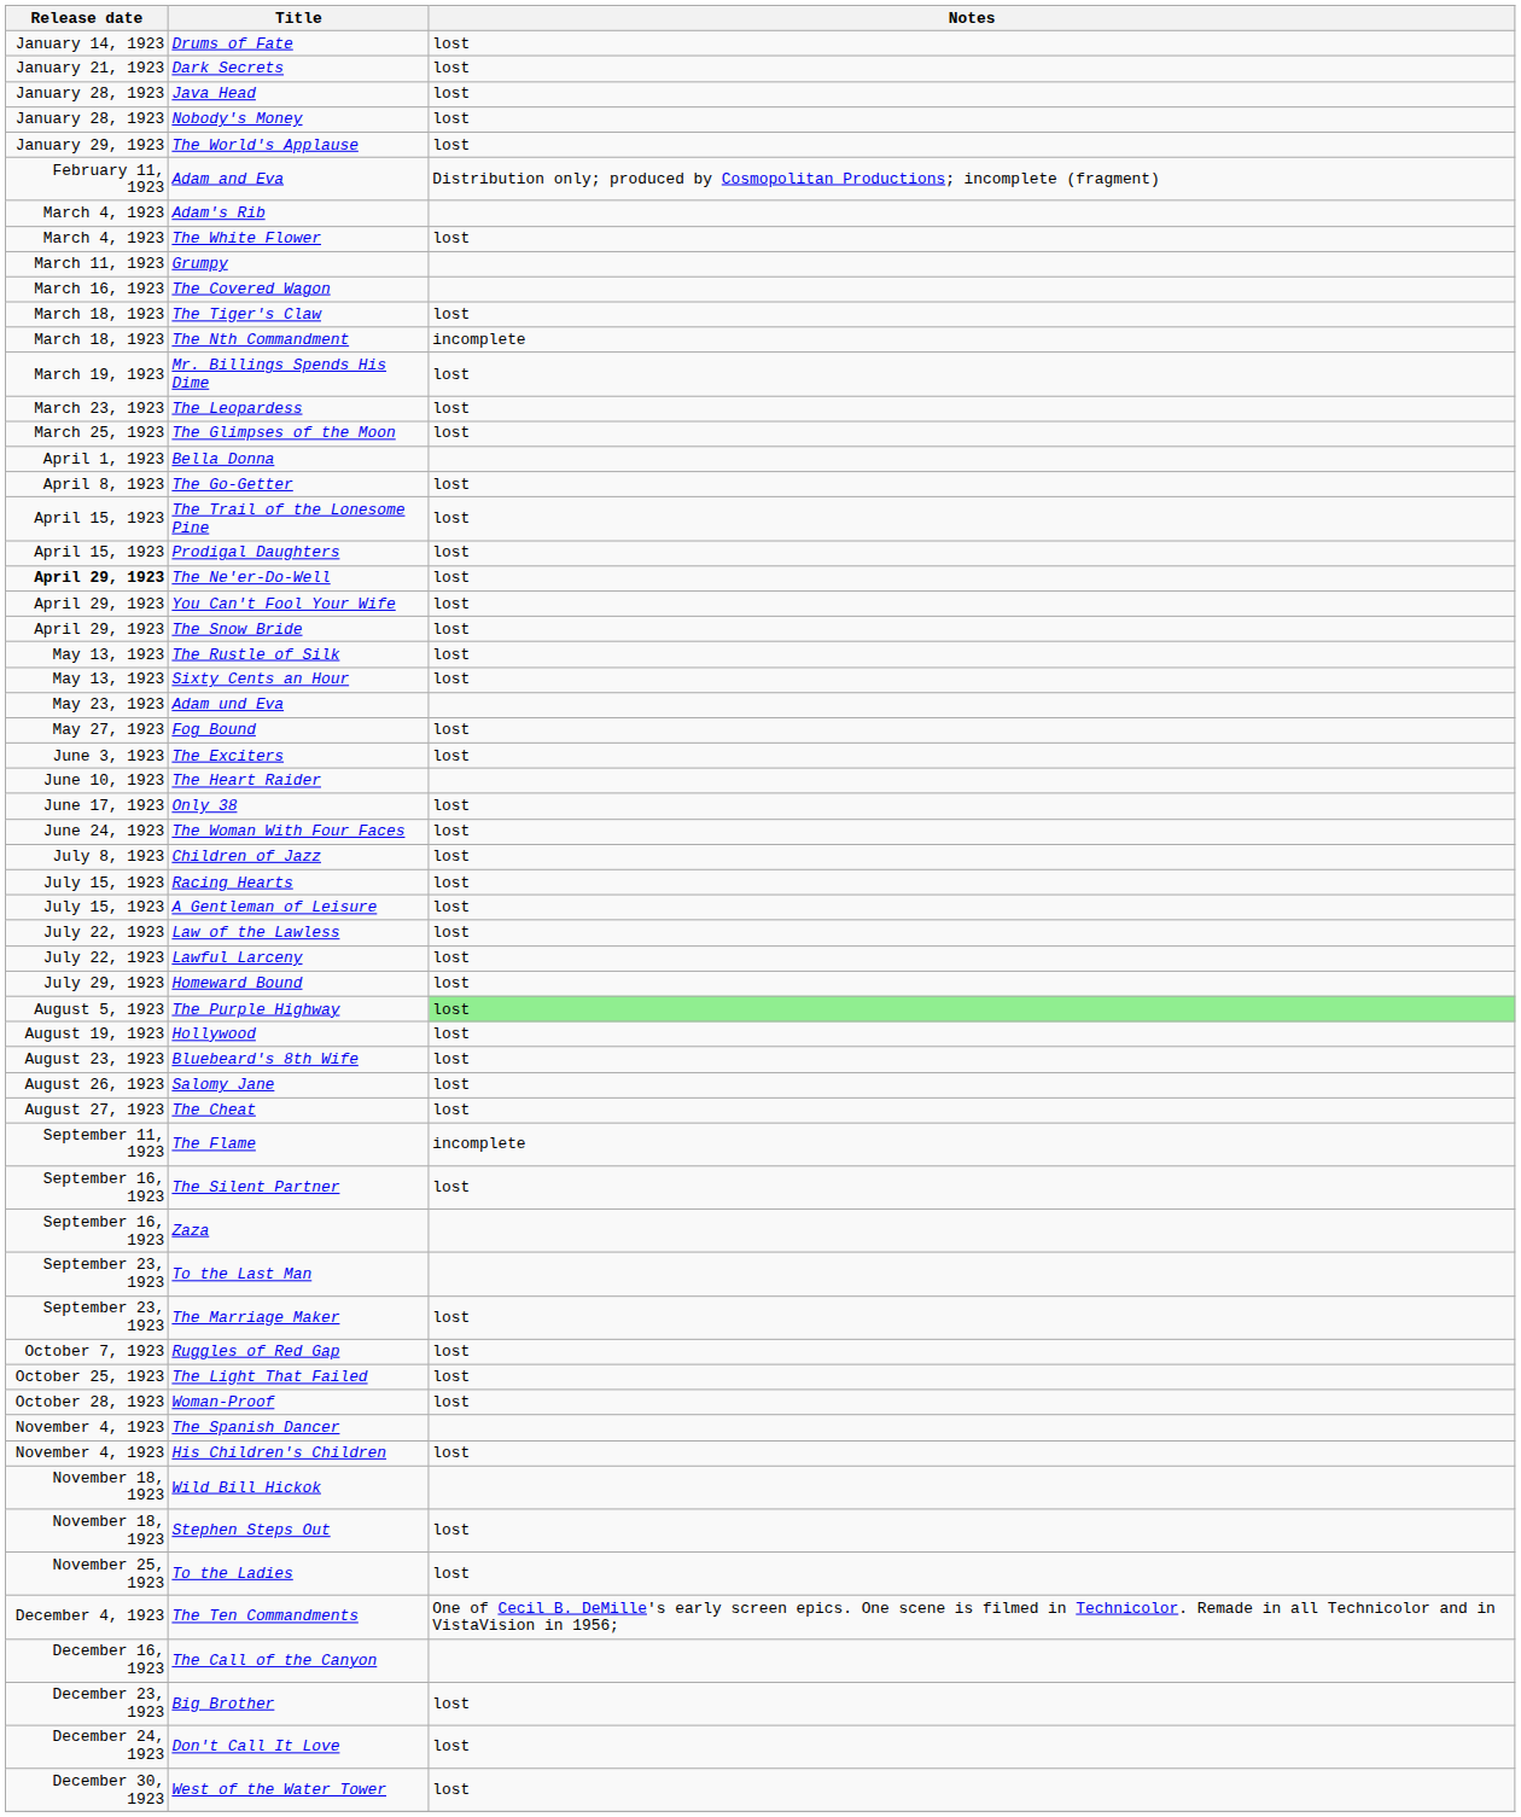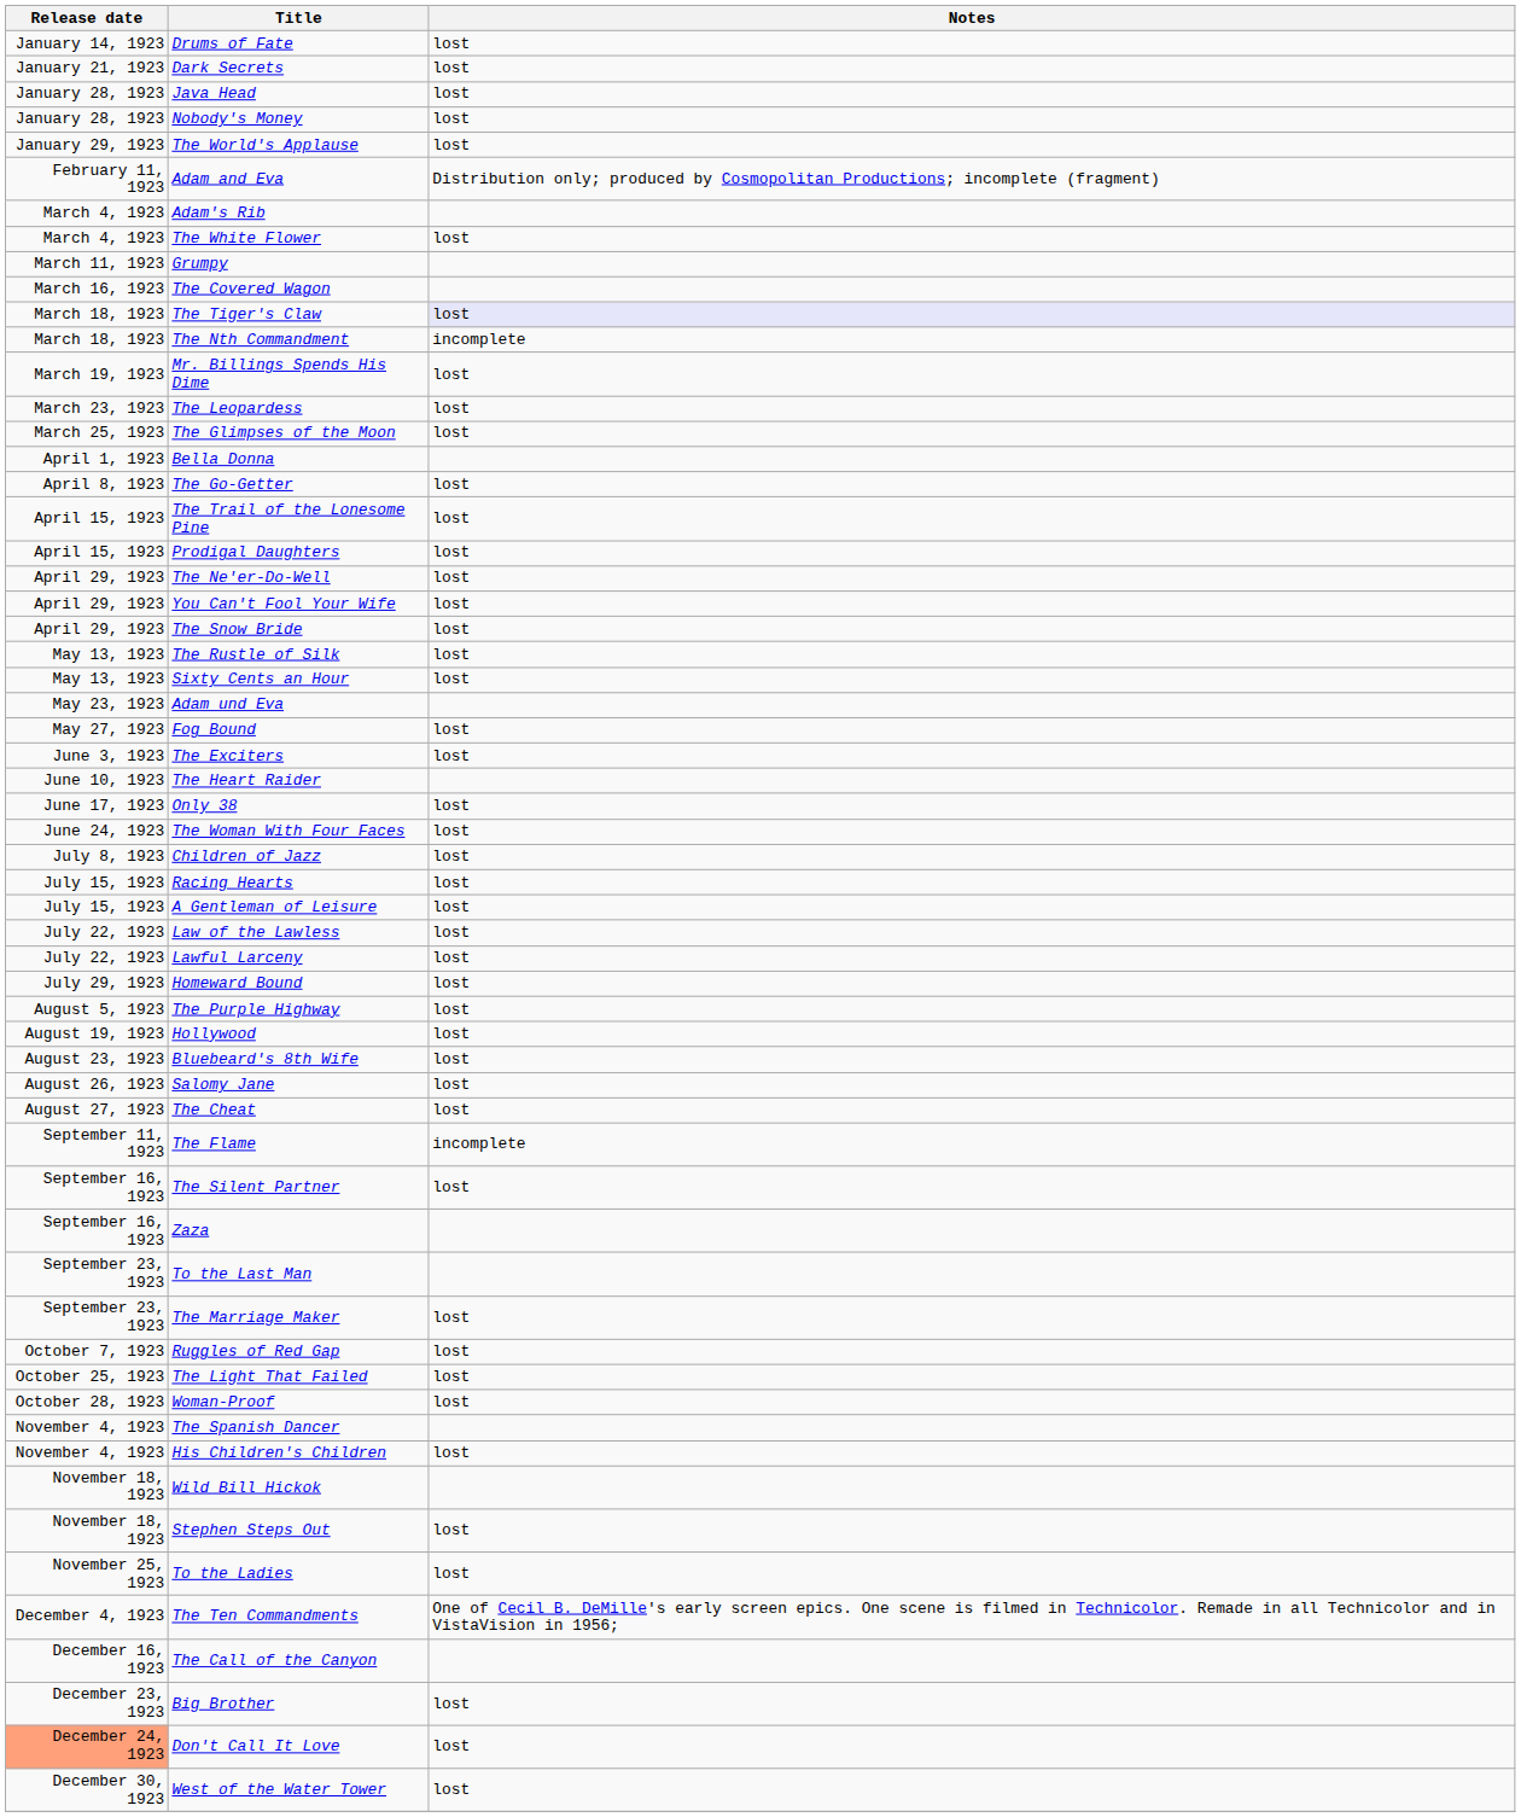 <table class="wikitable sortable" style="width:100%;">
 <tr>
 <th scope="col" style="width:130px;">Release date</th>
 <th>Title</th>
 <th>Notes</th>
 </tr>
 <tr>
 <td style="text-align:right;">January 14, 1923</td>
 <td><em><a href='#'>Drums of Fate</a></em></td>
 <td>lost</td>
 </tr>
 <tr>
 <td style="text-align:right;">January 21, 1923</td>
 <td><em><a href='#'>Dark Secrets</a></em></td>
 <td>lost</td>
 </tr>
 <tr>
 <td style="text-align:right;">January 28, 1923</td>
 <td><em><a href='#'>Java Head</a></em></td>
 <td>lost</td>
 </tr>
 <tr>
 <td style="text-align:right;">January 28, 1923</td>
 <td><em><a href='#'>Nobody's Money</a></em></td>
 <td>lost</td>
 </tr>
 <tr>
 <td style="text-align:right;">January 29, 1923</td>
 <td><em><a href='#'>The World's Applause</a></em></td>
 <td>lost</td>
 </tr>
 <tr>
 <td style="text-align:right;">February 11, 1923</td>
 <td><em><a href='#'>Adam and Eva</a></em></td>
 <td>Distribution only; produced by <a href='#'>Cosmopolitan Productions</a>; incomplete (fragment)</td>
 </tr>
 <tr>
 <td style="text-align:right;">March 4, 1923</td>
 <td><em><a href='#'>Adam's Rib</a></em></td>
 <td></td>
 </tr>
 <tr>
 <td style="text-align:right;">March 4, 1923</td>
 <td><em><a href='#'>The White Flower</a></em></td>
 <td>lost</td>
 </tr>
 <tr>
 <td style="text-align:right;">March 11, 1923</td>
 <td><em><a href='#'>Grumpy</a></em></td>
 <td></td>
 </tr>
 <tr>
 <td style="text-align:right;">March 16, 1923</td>
 <td><em><a href='#'>The Covered Wagon</a></em></td>
 <td></td>
 </tr>
 <tr>
 <td style="text-align:right;">March 18, 1923</td>
 <td><em><a href='#'>The Tiger's Claw</a></em></td>
-<td>lost</td>
+<td style="background: lavender;">lost</td>
 </tr>
 <tr>
 <td style="text-align:right;">March 18, 1923</td>
 <td><em><a href='#'>The Nth Commandment</a></em></td>
 <td>incomplete</td>
 </tr>
 <tr>
 <td style="text-align:right;">March 19, 1923</td>
 <td><em><a href='#'>Mr. Billings Spends His Dime</a></em></td>
 <td>lost</td>
 </tr>
 <tr>
 <td style="text-align:right;">March 23, 1923</td>
 <td><em><a href='#'>The Leopardess</a></em></td>
 <td>lost</td>
 </tr>
 <tr>
 <td style="text-align:right;">March 25, 1923</td>
 <td><em><a href='#'>The Glimpses of the Moon</a></em></td>
 <td>lost</td>
 </tr>
 <tr>
 <td style="text-align:right;">April 1, 1923</td>
 <td><em><a href='#'>Bella Donna</a></em></td>
 <td></td>
 </tr>
 <tr>
 <td style="text-align:right;">April 8, 1923</td>
 <td><em><a href='#'>The Go-Getter</a></em></td>
 <td>lost</td>
 </tr>
 <tr>
 <td style="text-align:right;">April 15, 1923</td>
 <td><em><a href='#'>The Trail of the Lonesome Pine</a></em></td>
 <td>lost</td>
 </tr>
 <tr>
 <td style="text-align:right;">April 15, 1923</td>
 <td><em><a href='#'>Prodigal Daughters</a></em></td>
 <td>lost</td>
 </tr>
 <tr>
-<td style="text-align:right;"><strong>April 29, 1923</strong></td>
+<td style="text-align:right;">April 29, 1923</td>
 <td><em><a href='#'>The Ne'er-Do-Well</a></em></td>
 <td>lost</td>
 </tr>
 <tr>
 <td style="text-align:right;">April 29, 1923</td>
 <td><em><a href='#'>You Can't Fool Your Wife</a></em></td>
 <td>lost</td>
 </tr>
 <tr>
 <td style="text-align:right;">April 29, 1923</td>
 <td><em><a href='#'>The Snow Bride</a></em></td>
 <td>lost</td>
 </tr>
 <tr>
 <td style="text-align:right;">May 13, 1923</td>
 <td><em><a href='#'>The Rustle of Silk</a></em></td>
 <td>lost</td>
 </tr>
 <tr>
 <td style="text-align:right;">May 13, 1923</td>
 <td><em><a href='#'>Sixty Cents an Hour</a></em></td>
 <td>lost</td>
 </tr>
 <tr>
 <td style="text-align:right;">May 23, 1923</td>
 <td><em><a href='#'>Adam und Eva</a></em></td>
 <td></td>
 </tr>
 <tr>
 <td style="text-align:right;">May 27, 1923</td>
 <td><em><a href='#'>Fog Bound</a></em></td>
 <td>lost</td>
 </tr>
 <tr>
 <td style="text-align:right;">June 3, 1923</td>
 <td><em><a href='#'>The Exciters</a></em></td>
 <td>lost</td>
 </tr>
 <tr>
 <td style="text-align:right;">June 10, 1923</td>
 <td><em><a href='#'>The Heart Raider</a></em></td>
 <td></td>
 </tr>
 <tr>
 <td style="text-align:right;">June 17, 1923</td>
 <td><em><a href='#'>Only 38</a></em></td>
 <td>lost</td>
 </tr>
 <tr>
 <td style="text-align:right;">June 24, 1923</td>
 <td><em><a href='#'>The Woman With Four Faces</a></em></td>
 <td>lost</td>
 </tr>
 <tr>
 <td style="text-align:right;">July 8, 1923</td>
 <td><em><a href='#'>Children of Jazz</a></em></td>
 <td>lost</td>
 </tr>
 <tr>
 <td style="text-align:right;">July 15, 1923</td>
 <td><em><a href='#'>Racing Hearts</a></em></td>
 <td>lost</td>
 </tr>
 <tr>
 <td style="text-align:right;">July 15, 1923</td>
 <td><em><a href='#'>A Gentleman of Leisure</a></em></td>
 <td>lost</td>
 </tr>
 <tr>
 <td style="text-align:right;">July 22, 1923</td>
 <td><em><a href='#'>Law of the Lawless</a></em></td>
 <td>lost</td>
 </tr>
 <tr>
 <td style="text-align:right;">July 22, 1923</td>
 <td><em><a href='#'>Lawful Larceny</a></em></td>
 <td>lost</td>
 </tr>
 <tr>
 <td style="text-align:right;">July 29, 1923</td>
 <td><em><a href='#'>Homeward Bound</a></em></td>
 <td>lost</td>
 </tr>
 <tr>
 <td style="text-align:right;">August 5, 1923</td>
 <td><em><a href='#'>The Purple Highway</a></em></td>
-<td style="background: lightgreen;">lost</td>
+<td>lost</td>
 </tr>
 <tr>
 <td style="text-align:right;">August 19, 1923</td>
 <td><em><a href='#'>Hollywood</a></em></td>
 <td>lost</td>
 </tr>
 <tr>
 <td style="text-align:right;">August 23, 1923</td>
 <td><em><a href='#'>Bluebeard's 8th Wife</a></em></td>
 <td>lost</td>
 </tr>
 <tr>
 <td style="text-align:right;">August 26, 1923</td>
 <td><em><a href='#'>Salomy Jane</a></em></td>
 <td>lost</td>
 </tr>
 <tr>
 <td style="text-align:right;">August 27, 1923</td>
 <td><em><a href='#'>The Cheat</a></em></td>
 <td>lost</td>
 </tr>
 <tr>
 <td style="text-align:right;">September 11, 1923</td>
 <td><em><a href='#'>The Flame</a></em></td>
 <td>incomplete</td>
 </tr>
 <tr>
 <td style="text-align:right;">September 16, 1923</td>
 <td><em><a href='#'>The Silent Partner</a></em></td>
 <td>lost</td>
 </tr>
 <tr>
 <td style="text-align:right;">September 16, 1923</td>
 <td><em><a href='#'>Zaza</a></em></td>
 <td></td>
 </tr>
 <tr>
 <td style="text-align:right;">September 23, 1923</td>
 <td><em><a href='#'>To the Last Man</a></em></td>
 <td></td>
 </tr>
 <tr>
 <td style="text-align:right;">September 23, 1923</td>
 <td><em><a href='#'>The Marriage Maker</a></em></td>
 <td>lost</td>
 </tr>
 <tr>
 <td style="text-align:right;">October 7, 1923</td>
 <td><em><a href='#'>Ruggles of Red Gap</a></em></td>
 <td>lost</td>
 </tr>
 <tr>
 <td style="text-align:right;">October 25, 1923</td>
 <td><em><a href='#'>The Light That Failed</a></em></td>
 <td>lost</td>
 </tr>
 <tr>
 <td style="text-align:right;">October 28, 1923</td>
 <td><em><a href='#'>Woman-Proof</a></em></td>
 <td>lost</td>
 </tr>
 <tr>
 <td style="text-align:right;">November 4, 1923</td>
 <td><em><a href='#'>The Spanish Dancer</a></em></td>
 <td></td>
 </tr>
 <tr>
 <td style="text-align:right;">November 4, 1923</td>
 <td><em><a href='#'>His Children's Children</a></em></td>
 <td>lost</td>
 </tr>
 <tr>
 <td style="text-align:right;">November 18, 1923</td>
 <td><em><a href='#'>Wild Bill Hickok</a></em></td>
 <td></td>
 </tr>
 <tr>
 <td style="text-align:right;">November 18, 1923</td>
 <td><em><a href='#'>Stephen Steps Out</a></em></td>
 <td>lost</td>
 </tr>
 <tr>
 <td style="text-align:right;">November 25, 1923</td>
 <td><em><a href='#'>To the Ladies</a></em></td>
 <td>lost</td>
 </tr>
 <tr>
 <td style="text-align:right;">December 4, 1923</td>
 <td><em><a href='#'>The Ten Commandments</a></em></td>
 <td>One of <a href='#'>Cecil B. DeMille</a>'s early screen epics. One scene is filmed in <a href='#'>Technicolor</a>. Remade in all Technicolor and in VistaVision in 1956;</td>
 </tr>
 <tr>
 <td style="text-align:right;">December 16, 1923</td>
 <td><em><a href='#'>The Call of the Canyon</a></em></td>
 <td></td>
 </tr>
 <tr>
 <td style="text-align:right;">December 23, 1923</td>
 <td><em><a href='#'>Big Brother</a></em></td>
 <td>lost</td>
 </tr>
 <tr>
-<td style="text-align:right;">December 24, 1923</td>
+<td style="background: lightsalmon; text-align:right;">December 24, 1923</td>
 <td><em><a href='#'>Don't Call It Love</a></em></td>
 <td>lost</td>
 </tr>
 <tr>
 <td style="text-align:right;">December 30, 1923</td>
 <td><em><a href='#'>West of the Water Tower</a></em></td>
 <td>lost</td>
 </tr>
 <tr>
 </tr>
 </table>
